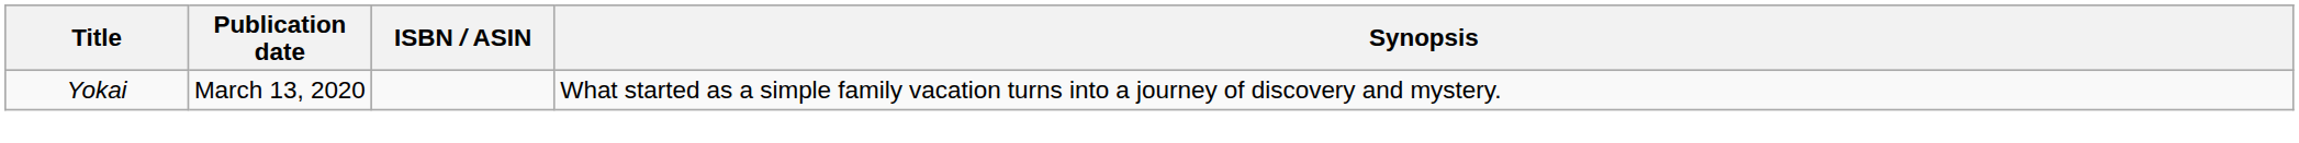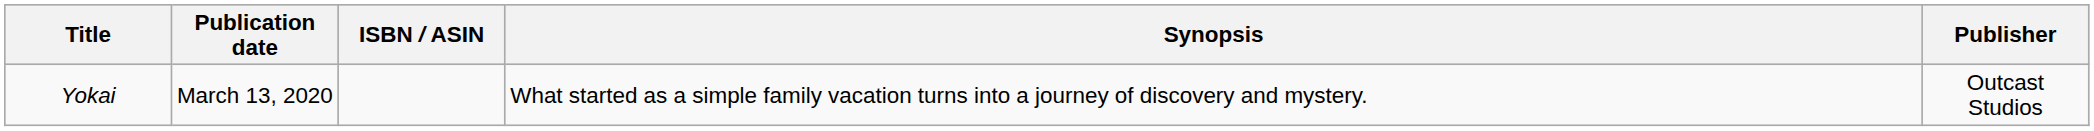 <table class="wikitable" style="text-align:center; width:100%; font-size:85%;">
 <tr>
 <th style="text-align:center; width:8%;">Title</th>
 <th style="text-align:center; width:8%;">Publication date</th>
 <th style="text-align:center; width:8%;">ISBN <em>/</em> ASIN</th>
 <th>Synopsis</th>
+<th>Publisher</th>
 </tr>
 <tr>
 <td><em>Yokai</em></td>
 <td>March 13, 2020</td>
 <td></td>
 <td style="text-align:left;">What started as a simple family vacation turns into a journey of discovery and mystery.</td>
+<td style="text-align:center; width:8%;">Outcast Studios</td>
 </tr>
 </table>
